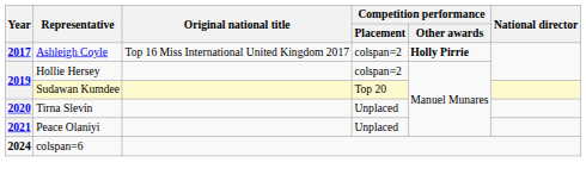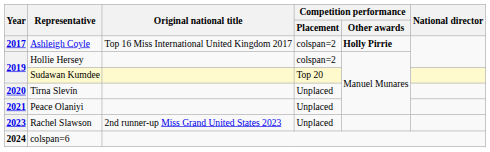 <table class="wikitable defaultcenter col2left col6left" style="font-size:95%;">
 <tr>
 <th rowspan=2>Year</th>
 <th rowspan=2>Representative</th>
 <th rowspan=2>Original national title</th>
 <th colspan=2>Competition performance</th>
 <th rowspan=2>National director</th>
 </tr>
 <tr>
 <th>Placement</th>
 <th>Other awards</th>
 </tr>
 <tr>
 <th><a href='#'>2017</a></th>
 <td><a href='#'>Ashleigh Coyle</a></td>
 <td>Top 16 Miss International United Kingdom 2017</td>
 <td>colspan=2 </td>
 <td><strong>Holly Pirrie</strong></td>
 </tr>
 <tr>
 <th rowspan=2><a href='#'>2019</a></th>
 <td>Hollie Hersey</td>
 <td></td>
 <td>colspan=2 </td>
 <td rowspan=4>Manuel Munares</td>
 </tr>
 <tr bgcolor=#FFFACD>
 <td>Sudawan Kumdee</td>
 <td></td>
 <td>Top 20</td>
 <td></td>
 </tr>
 <tr>
 <th><a href='#'>2020</a></th>
 <td>Tirna Slevín</td>
 <td></td>
 <td>Unplaced</td>
 <td></td>
 </tr>
 <tr>
 <th><a href='#'>2021</a></th>
 <td>Peace Olaniyi</td>
 <td></td>
 <td>Unplaced</td>
 <td></td>
 </tr>
 <tr>
+<th><a href='#'>2023</a></th>
+<td>Rachel Slawson</td>
+<td>2nd runner-up <a href='#'>Miss Grand United States 2023</a></td>
+<td>Unplaced</td>
+<td></td>
+<td></td>
+</tr>
+<tr>
 <td><strong>2024</strong></td>
 <td>colspan=6 </td>
 </tr>
 </table>
